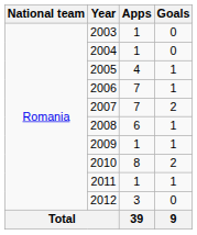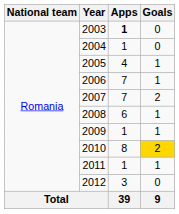 <table class="wikitable" style="text-align:center">
 <tr>
 <th>National team</th>
 <th>Year</th>
 <th>Apps</th>
 <th>Goals</th>
 </tr>
 <tr>
 <td rowspan="10"><a href='#'>Romania</a></td>
 <td>2003</td>
-<td>1</td>
+<td><strong>1</strong></td>
 <td>0</td>
 </tr>
 <tr>
 <td>2004</td>
 <td>1</td>
 <td>0</td>
 </tr>
 <tr>
 <td>2005</td>
 <td>4</td>
 <td>1</td>
 </tr>
 <tr>
 <td>2006</td>
 <td>7</td>
 <td>1</td>
 </tr>
 <tr>
 <td>2007</td>
 <td>7</td>
 <td>2</td>
 </tr>
 <tr>
 <td>2008</td>
 <td>6</td>
 <td>1</td>
 </tr>
 <tr>
 <td>2009</td>
 <td>1</td>
 <td>1</td>
 </tr>
 <tr>
 <td>2010</td>
 <td>8</td>
-<td>2</td>
+<td style="background: gold;">2</td>
 </tr>
 <tr>
 <td>2011</td>
 <td>1</td>
 <td>1</td>
 </tr>
 <tr>
 <td>2012</td>
 <td>3</td>
 <td>0</td>
 </tr>
 <tr>
 <th colspan="2">Total</th>
 <th>39</th>
 <th>9</th>
 </tr>
 </table>
